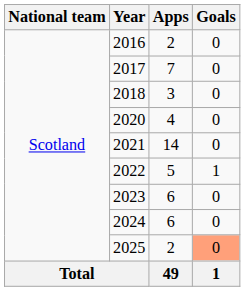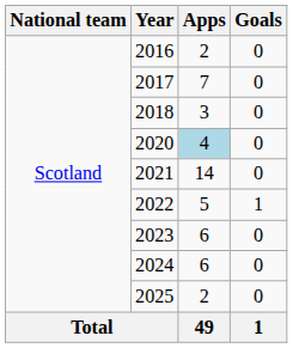 <table class="wikitable" style="text-align: center;">
 <tr>
 <th>National team</th>
 <th>Year</th>
 <th>Apps</th>
 <th>Goals</th>
 </tr>
 <tr>
 <td rowspan="9"><a href='#'>Scotland</a></td>
 <td>2016</td>
 <td>2</td>
 <td>0</td>
 </tr>
 <tr>
 <td>2017</td>
 <td>7</td>
 <td>0</td>
 </tr>
 <tr>
 <td>2018</td>
 <td>3</td>
 <td>0</td>
 </tr>
 <tr>
 <td>2020</td>
-<td>4</td>
+<td style="background: lightblue;">4</td>
 <td>0</td>
 </tr>
 <tr>
 <td>2021</td>
 <td>14</td>
 <td>0</td>
 </tr>
 <tr>
 <td>2022</td>
 <td>5</td>
 <td>1</td>
 </tr>
 <tr>
 <td>2023</td>
 <td>6</td>
 <td>0</td>
 </tr>
 <tr>
 <td>2024</td>
 <td>6</td>
 <td>0</td>
 </tr>
 <tr>
 <td>2025</td>
 <td>2</td>
-<td style="background: lightsalmon;">0</td>
+<td>0</td>
 </tr>
 <tr>
 <th colspan="2">Total</th>
 <th>49</th>
 <th>1</th>
 </tr>
 </table>
